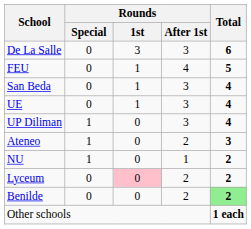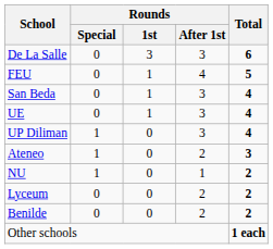 <table class="wikitable" style="text-align:center;">
 <tr>
 <th rowspan="2">School</th>
 <th colspan="3">Rounds</th>
 <th rowspan="2">Total</th>
 </tr>
 <tr>
 <th width=60px>Special</th>
 <th width=60px>1st</th>
 <th width=60px>After 1st</th>
 </tr>
 <tr>
 <td align=left><a href='#'>De La Salle</a></td>
 <td>0</td>
 <td>3</td>
 <td>3</td>
 <td><strong>6</strong></td>
 </tr>
 <tr>
 <td align=left><a href='#'>FEU</a></td>
 <td>0</td>
 <td>1</td>
 <td>4</td>
 <td><strong>5</strong></td>
 </tr>
 <tr>
 <td align=left><a href='#'>San Beda</a></td>
 <td>0</td>
 <td>1</td>
 <td>3</td>
 <td><strong>4</strong></td>
 </tr>
 <tr>
 <td align=left><a href='#'>UE</a></td>
 <td>0</td>
 <td>1</td>
 <td>3</td>
 <td><strong>4</strong></td>
 </tr>
 <tr>
 <td align=left><a href='#'>UP Diliman</a></td>
 <td>1</td>
 <td>0</td>
 <td>3</td>
 <td><strong>4</strong></td>
 </tr>
 <tr>
 <td align=left><a href='#'>Ateneo</a></td>
 <td>1</td>
 <td>0</td>
 <td>2</td>
 <td><strong>3</strong></td>
 </tr>
 <tr>
 <td align=left><a href='#'>NU</a></td>
 <td>1</td>
 <td>0</td>
 <td>1</td>
 <td><strong>2</strong></td>
 </tr>
 <tr>
 <td align=left><a href='#'>Lyceum</a></td>
 <td>0</td>
-<td style="background: pink;">0</td>
+<td>0</td>
 <td>2</td>
 <td><strong>2</strong></td>
 </tr>
 <tr>
 <td align=left><a href='#'>Benilde</a></td>
 <td>0</td>
 <td>0</td>
 <td>2</td>
-<td style="background: lightgreen;"><strong>2</strong></td>
+<td><strong>2</strong></td>
 </tr>
 <tr>
 <td align=left colspan="4">Other schools</td>
 <td><strong>1 each</strong></td>
 </tr>
 </table>
